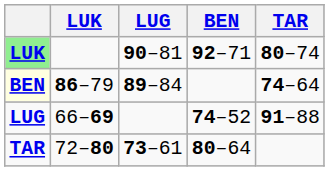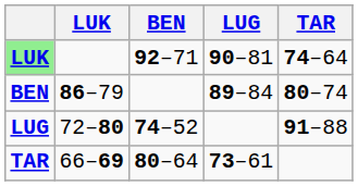 <table class="wikitable">
 <tr>
 <th></th>
 <th> <a href='#'>LUK</a></th>
+<th> <a href='#'>BEN</a></th>
 <th> <a href='#'>LUG</a></th>
-<th> <a href='#'>BEN</a></th>
 <th> <a href='#'>TAR</a></th>
 </tr>
 <tr>
 <td style="background: lightgreen;"> <a href='#'><strong>LUK</strong></a></td>
 <td></td>
+<td><strong>92</strong>–71</td>
 <td><strong>90</strong>–81</td>
-<td><strong>92</strong>–71</td>
+<td><strong>74</strong>–64</td>
+</tr>
+<tr>
+<td> <a href='#'><strong>BEN</strong></a></td>
+<td><strong>86</strong>–79</td>
+<td></td>
+<td><strong>89</strong>–84</td>
 <td><strong>80</strong>–74</td>
 </tr>
 <tr>
-<td style="background: lightyellow;"> <a href='#'><strong>BEN</strong></a></td>
-<td><strong>86</strong>–79</td>
-<td><strong>89</strong>–84</td>
+<td> <a href='#'><strong>LUG</strong></a></td>
+<td>72–<strong>80</strong></td>
+<td><strong>74</strong>–52</td>
 <td></td>
-<td><strong>74</strong>–64</td>
-</tr>
-<tr>
-<td> <a href='#'><strong>LUG</strong></a></td>
-<td>66–<strong>69</strong></td>
-<td></td>
-<td><strong>74</strong>–52</td>
 <td><strong>91</strong>–88</td>
 </tr>
 <tr>
 <td> <a href='#'><strong>TAR</strong></a></td>
-<td>72–<strong>80</strong></td>
+<td>66–<strong>69</strong></td>
+<td><strong>80</strong>–64</td>
 <td><strong>73</strong>–61</td>
-<td><strong>80</strong>–64</td>
 <td></td>
 </tr>
 </table>
